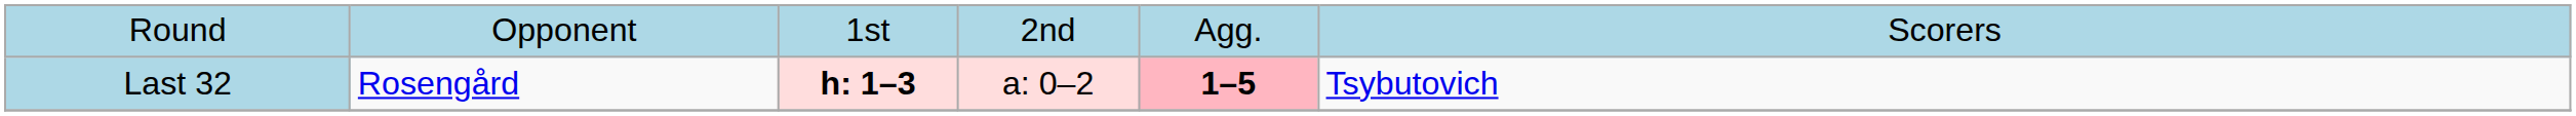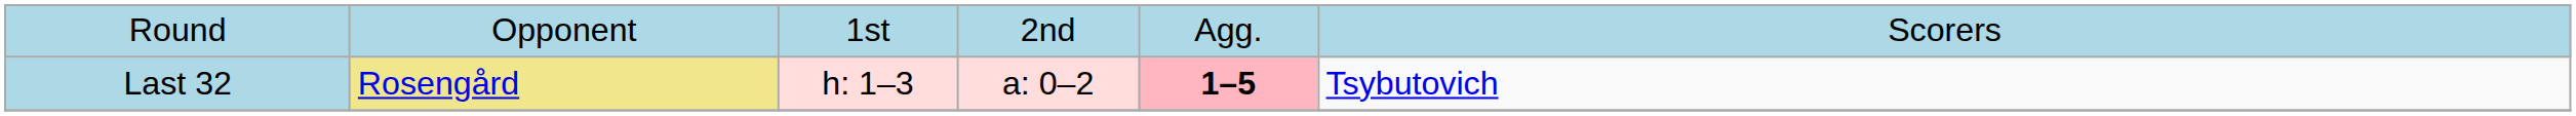 <table class="wikitable" style="text-align:center">
 <tr bgcolor=lightblue>
 <td width=160px>Round</td>
 <td width=200px>Opponent</td>
 <td width=80px>1st</td>
 <td width=80px>2nd</td>
 <td width=80px>Agg.</td>
 <td width=600px>Scorers</td>
 </tr>
 <tr>
 <td bgcolor=lightblue>Last 32</td>
-<td align=left> <a href='#'>Rosengård</a></td>
-<td bgcolor="#ffdddd"><strong>h: 1–3</strong></td>
+<td align=left style="background: khaki;"> <a href='#'>Rosengård</a></td>
+<td bgcolor="#ffdddd">h: 1–3</td>
 <td bgcolor="#ffdddd">a: 0–2</td>
 <td bgcolor=lightpink><strong>1–5</strong></td>
 <td align=left><a href='#'>Tsybutovich</a></td>
 </tr>
 <tr>
 </tr>
 </table>
